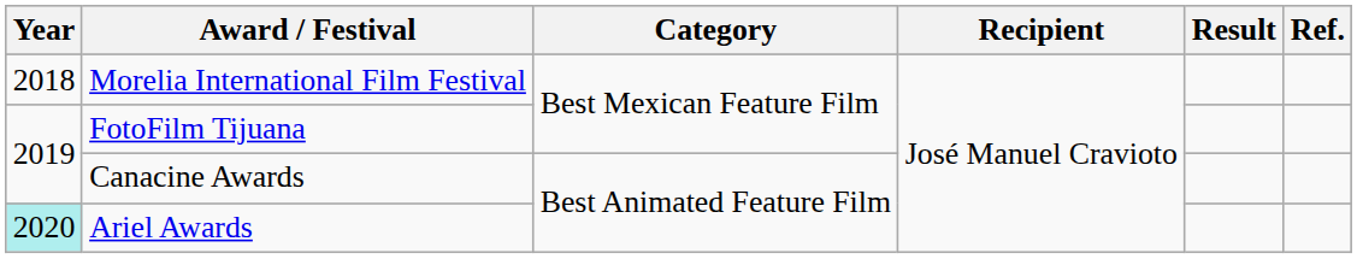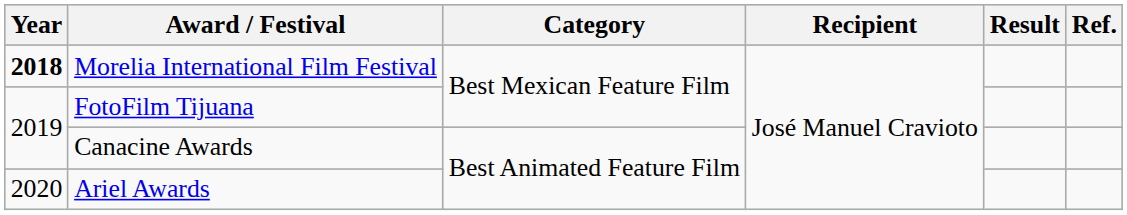 <table class="wikitable">
 <tr>
 <th>Year</th>
 <th>Award / Festival</th>
 <th>Category</th>
 <th>Recipient</th>
 <th>Result</th>
 <th>Ref.</th>
 </tr>
 <tr>
-<td>2018</td>
+<td><strong>2018</strong></td>
 <td><a href='#'>Morelia International Film Festival</a></td>
 <td rowspan="2">Best Mexican Feature Film</td>
 <td rowspan="4">José Manuel Cravioto</td>
 <td></td>
 <td></td>
 </tr>
 <tr>
 <td rowspan="2">2019</td>
 <td><a href='#'>FotoFilm Tijuana</a></td>
 <td></td>
 <td></td>
 </tr>
 <tr>
 <td>Canacine Awards</td>
 <td rowspan="2">Best Animated Feature Film</td>
 <td></td>
 <td></td>
 </tr>
 <tr>
-<td style="background: paleturquoise;">2020</td>
+<td>2020</td>
 <td><a href='#'>Ariel Awards</a></td>
 <td></td>
 <td></td>
 </tr>
 </table>
